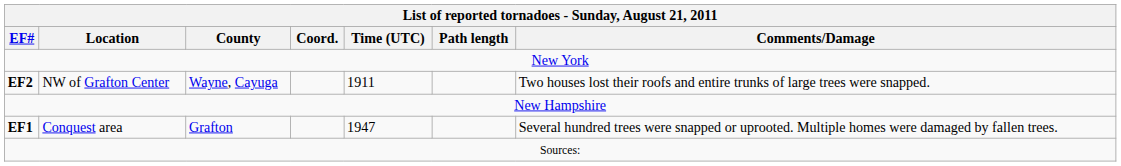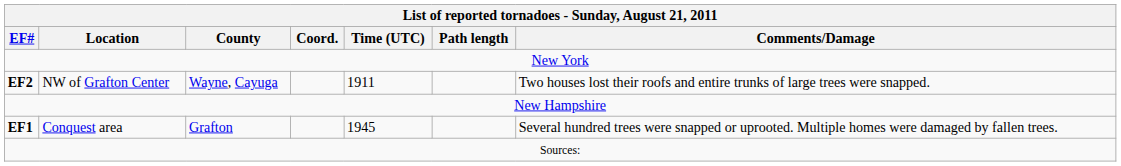 <table class="wikitable collapsible" width="100%">
 <tr>
 <th colspan="7">List of reported tornadoes - Sunday, August 21, 2011</th>
 </tr>
 <tr>
 <th><a href='#'>EF#</a></th>
 <th>Location</th>
 <th>County</th>
 <th>Coord.</th>
 <th>Time (UTC)</th>
 <th>Path length</th>
 <th>Comments/Damage</th>
 </tr>
 <tr>
 <td colspan="7" align=center><a href='#'>New York</a></td>
 </tr>
 <tr>
 <td><strong>EF2</strong></td>
 <td>NW of <a href='#'>Grafton Center</a></td>
 <td><a href='#'>Wayne</a>, <a href='#'>Cayuga</a></td>
 <td></td>
 <td>1911</td>
 <td></td>
 <td>Two houses lost their roofs and entire trunks of large trees were snapped.</td>
 </tr>
 <tr>
 <td colspan="7" align=center><a href='#'>New Hampshire</a></td>
 </tr>
 <tr>
 <td><strong>EF1</strong></td>
 <td><a href='#'>Conquest</a> area</td>
 <td><a href='#'>Grafton</a></td>
 <td></td>
-<td>1947</td>
+<td>1945</td>
 <td></td>
 <td>Several hundred trees were snapped or uprooted. Multiple homes were damaged by fallen trees.</td>
 </tr>
 <tr>
 <td colspan="7" align=center><small>Sources: </small></td>
 </tr>
 </table>
